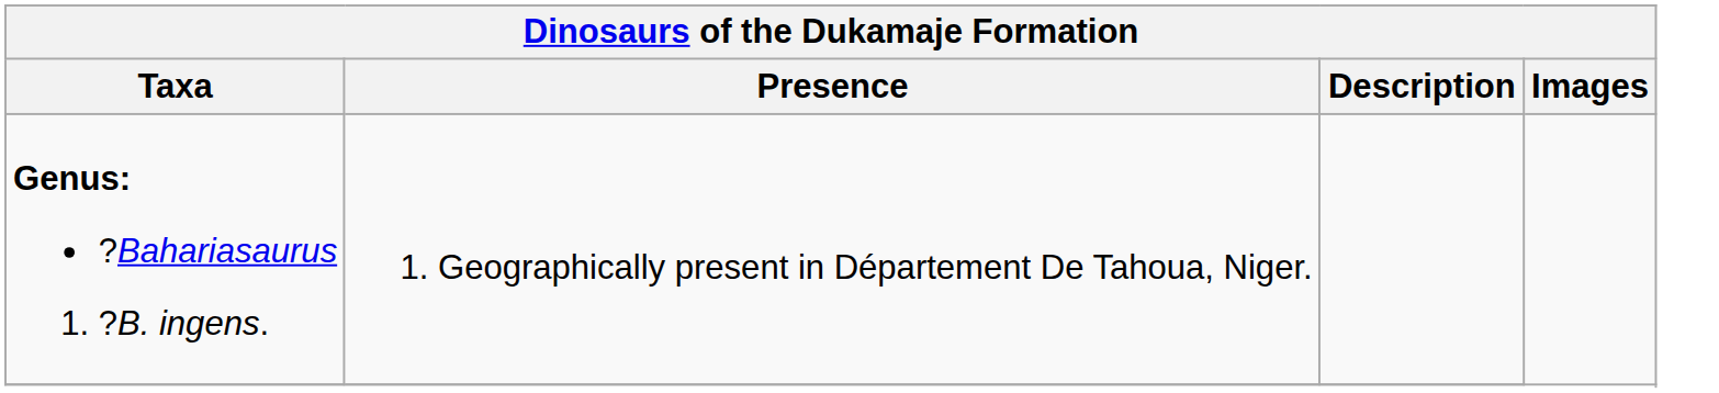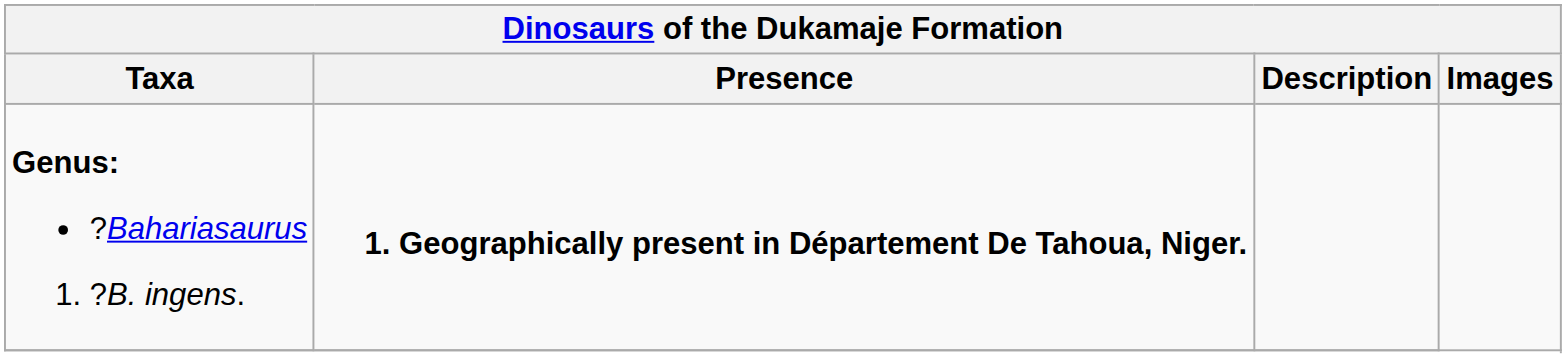 <table class="wikitable" align="center">
 <tr>
 <th colspan="5" align="center"><strong><a href='#'>Dinosaurs</a> of the Dukamaje Formation</strong></th>
 </tr>
 <tr>
 <th>Taxa</th>
 <th>Presence</th>
 <th>Description</th>
 <th>Images</th>
 </tr>
 <tr>
 <td><br><strong>Genus:</strong><ul><li>?<em><a href='#'>Bahariasaurus</a></em></li></ul><ol><li>?<em>B. ingens</em>.</li></ol></td>
-<td><br><ol><li>Geographically present in Département De Tahoua, Niger.</li></ol></td>
+<td><strong><br><ol><li>Geographically present in Département De Tahoua, Niger.</li></ol></strong></td>
 <td></td>
 <td rowspan="99"><br></td>
 </tr>
 <tr>
 </tr>
 </table>
